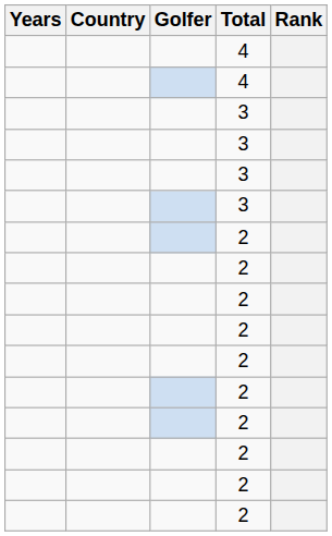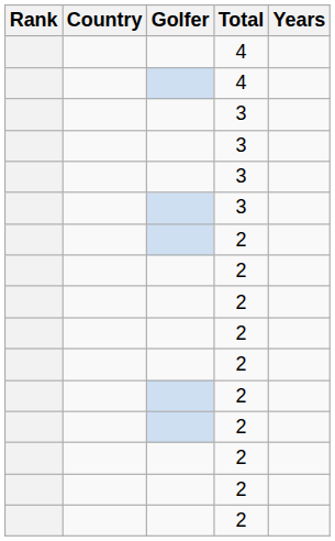 <table class="sortable wikitable" style="text-align:left;">
 <tr>
-<th scope="col">Years</th>
+<th scope="col">Rank</th>
 <th scope="col">Country</th>
 <th scope="col">Golfer</th>
 <th scope="col">Total</th>
-<th scope="col">Rank</th>
+<th scope="col">Years</th>
 </tr>
 <tr>
-<td></td>
+<th scope="row"></th>
 <td></td>
 <td></td>
 <td align="center" valign="top">4</td>
-<th scope="row"></th>
+<td></td>
 </tr>
 <tr>
-<td></td>
+<th scope="row"></th>
 <td></td>
 <td style="background:#cedff2;"> </td>
 <td align="center" valign="top">4</td>
-<th scope="row"></th>
+<td></td>
 </tr>
 <tr>
-<td></td>
+<th scope="row"></th>
 <td></td>
 <td></td>
 <td align="center" valign="top">3</td>
-<th scope="row"></th>
+<td></td>
 </tr>
 <tr>
-<td></td>
+<th scope="row"></th>
 <td></td>
 <td></td>
 <td align="center" valign="top">3</td>
-<th scope="row"></th>
+<td></td>
 </tr>
 <tr>
-<td></td>
+<th scope="row"></th>
 <td></td>
 <td></td>
 <td align="center" valign="top">3</td>
-<th scope="row"></th>
+<td></td>
 </tr>
 <tr>
-<td></td>
+<th scope="row"></th>
 <td></td>
 <td style="background:#cedff2;"> </td>
 <td align="center" valign="top">3</td>
-<th scope="row"></th>
+<td></td>
 </tr>
 <tr>
-<td></td>
+<th scope="row"></th>
 <td></td>
 <td style="background:#cedff2;"> </td>
 <td align="center" valign="top">2</td>
-<th scope="row"></th>
+<td></td>
 </tr>
 <tr>
-<td></td>
+<th scope="row"></th>
 <td></td>
 <td></td>
 <td align="center" valign="top">2</td>
-<th scope="row"></th>
+<td></td>
 </tr>
 <tr>
-<td></td>
+<th scope="row"></th>
 <td></td>
 <td></td>
 <td align="center" valign="top">2</td>
-<th scope="row"></th>
+<td></td>
 </tr>
 <tr>
-<td></td>
+<th scope="row"></th>
 <td></td>
 <td></td>
 <td align="center" valign="top">2</td>
-<th scope="row"></th>
+<td></td>
 </tr>
 <tr>
-<td></td>
+<th scope="row"></th>
 <td></td>
 <td></td>
 <td align="center" valign="top">2</td>
-<th scope="row"></th>
+<td></td>
 </tr>
 <tr>
-<td></td>
+<th scope="row"></th>
 <td></td>
 <td style="background:#cedff2;"> </td>
 <td align="center" valign="top">2</td>
-<th scope="row"></th>
+<td></td>
 </tr>
 <tr>
-<td></td>
+<th scope="row"></th>
 <td></td>
 <td style="background:#cedff2;"> </td>
 <td align="center" valign="top">2</td>
-<th scope="row"></th>
+<td></td>
 </tr>
 <tr>
-<td></td>
+<th scope="row"></th>
 <td></td>
 <td></td>
 <td align="center" valign="top">2</td>
-<th scope="row"></th>
+<td></td>
 </tr>
 <tr>
-<td></td>
+<th scope="row"></th>
 <td></td>
 <td></td>
 <td align="center" valign="top">2</td>
-<th scope="row"></th>
+<td></td>
 </tr>
 <tr>
-<td></td>
+<th scope="row"></th>
 <td></td>
 <td></td>
 <td align="center" valign="top">2</td>
-<th scope="row"></th>
+<td></td>
 </tr>
 </table>
